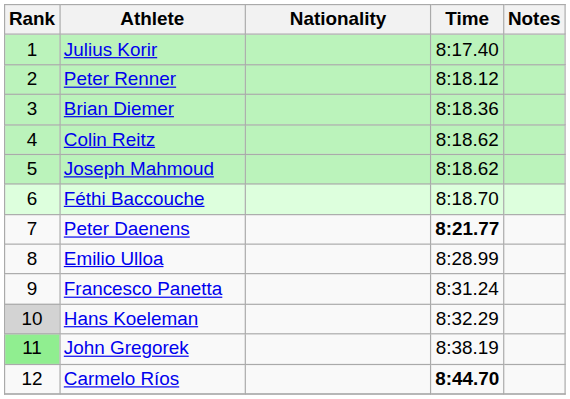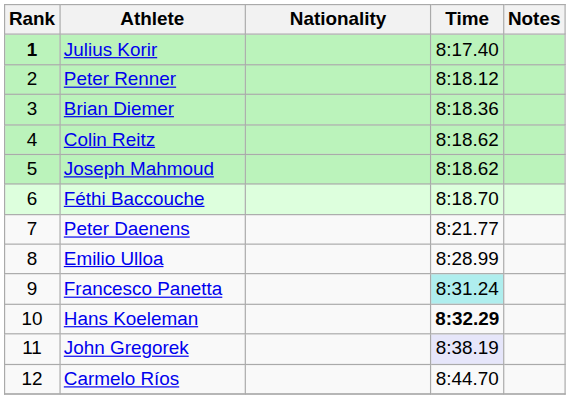 <table class="wikitable sortable" style="text-align:center">
 <tr>
 <th width=30>Rank</th>
 <th width=150>Athlete</th>
 <th width=150>Nationality</th>
 <th width=30>Time</th>
 <th width=30>Notes</th>
 </tr>
 <tr bgcolor=bbf3bb>
-<td>1</td>
+<td><strong>1</strong></td>
 <td align="left"><a href='#'>Julius Korir</a></td>
 <td align="left"></td>
 <td>8:17.40</td>
 <td></td>
 </tr>
 <tr bgcolor=bbf3bb>
 <td>2</td>
 <td align="left"><a href='#'>Peter Renner</a></td>
 <td align="left"></td>
 <td>8:18.12</td>
 <td></td>
 </tr>
 <tr bgcolor=bbf3bb>
 <td>3</td>
 <td align="left"><a href='#'>Brian Diemer</a></td>
 <td align="left"></td>
 <td>8:18.36</td>
 <td></td>
 </tr>
 <tr bgcolor=bbf3bb>
 <td>4</td>
 <td align="left"><a href='#'>Colin Reitz</a></td>
 <td align="left"></td>
 <td>8:18.62</td>
 <td></td>
 </tr>
 <tr bgcolor=bbf3bb>
 <td>5</td>
 <td align="left"><a href='#'>Joseph Mahmoud</a></td>
 <td align="left"></td>
 <td>8:18.62</td>
 <td></td>
 </tr>
 <tr bgcolor=#ddffdd>
 <td>6</td>
 <td align="left"><a href='#'>Féthi Baccouche</a></td>
 <td align="left"></td>
 <td>8:18.70</td>
 <td></td>
 </tr>
 <tr>
 <td>7</td>
 <td align="left"><a href='#'>Peter Daenens</a></td>
 <td align="left"></td>
-<td><strong>8:21.77</strong></td>
+<td>8:21.77</td>
 <td></td>
 </tr>
 <tr>
 <td>8</td>
 <td align="left"><a href='#'>Emilio Ulloa</a></td>
 <td align="left"></td>
 <td>8:28.99</td>
 <td></td>
 </tr>
 <tr>
 <td>9</td>
 <td align="left"><a href='#'>Francesco Panetta</a></td>
 <td align="left"></td>
-<td>8:31.24</td>
+<td style="background: paleturquoise;">8:31.24</td>
 <td></td>
 </tr>
 <tr>
-<td style="background: lightgrey;">10</td>
+<td>10</td>
 <td align="left"><a href='#'>Hans Koeleman</a></td>
 <td align="left"></td>
-<td>8:32.29</td>
+<td><strong>8:32.29</strong></td>
 <td></td>
 </tr>
 <tr>
-<td style="background: lightgreen;">11</td>
+<td>11</td>
 <td align="left"><a href='#'>John Gregorek</a></td>
 <td align="left"></td>
-<td>8:38.19</td>
+<td style="background: lavender;">8:38.19</td>
 <td></td>
 </tr>
 <tr>
 <td>12</td>
 <td align="left"><a href='#'>Carmelo Ríos</a></td>
 <td align="left"></td>
-<td><strong>8:44.70</strong></td>
+<td>8:44.70</td>
 <td></td>
 </tr>
 <tr>
 </tr>
 </table>
